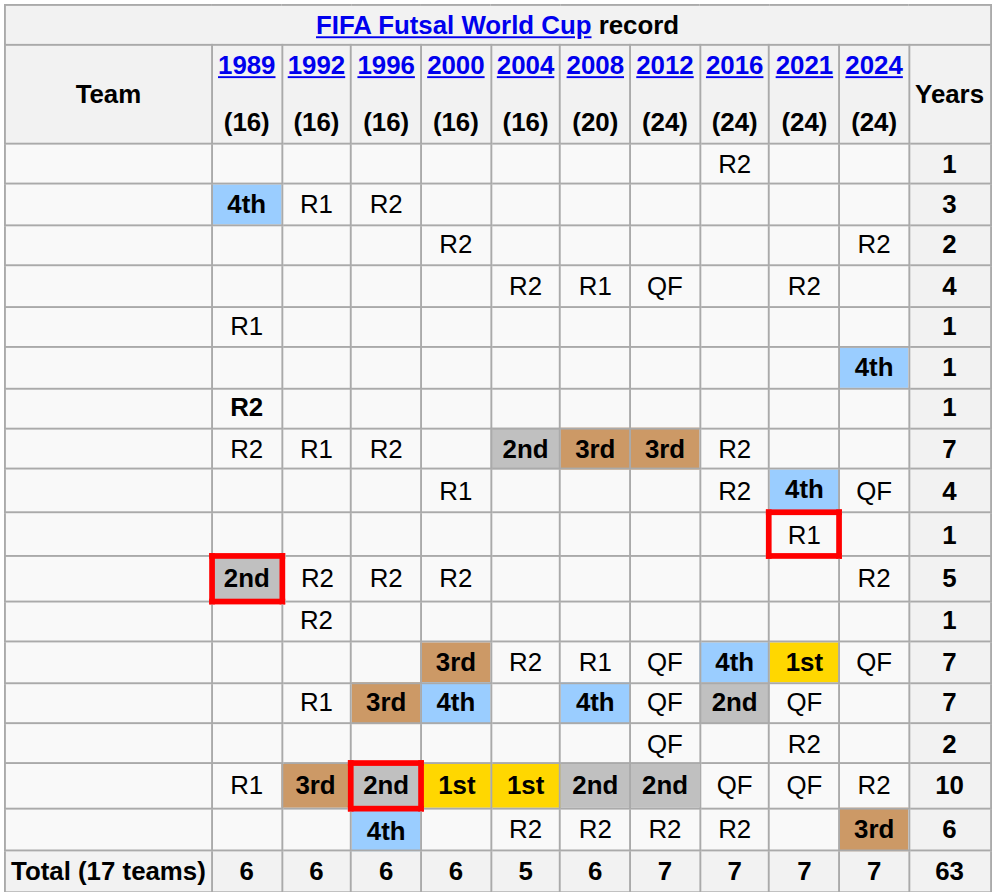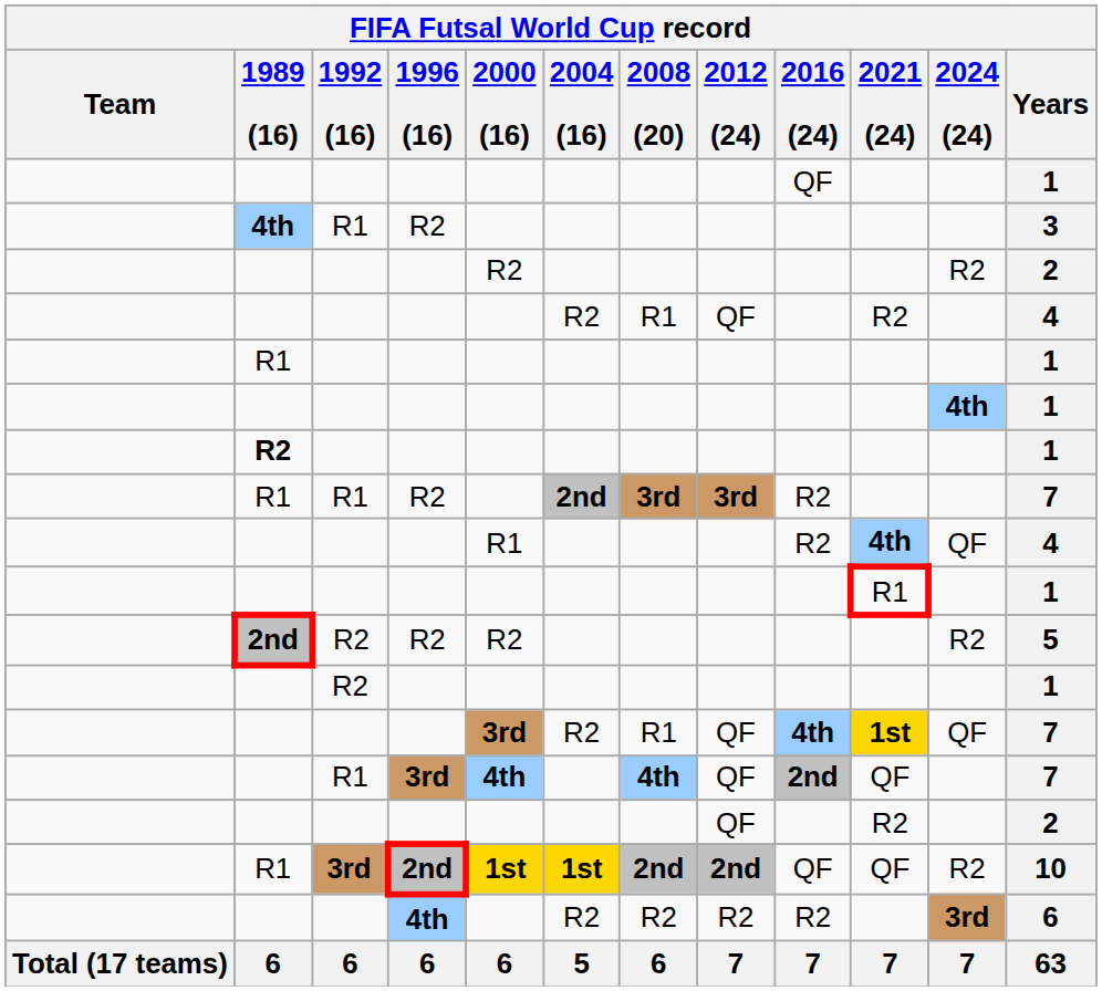 <table class="wikitable" style="text-align:center; font-size:85%;">
 <tr>
 <th colspan=12><a href='#'>FIFA Futsal World Cup</a> record</th>
 </tr>
 <tr>
 <th>Team</th>
 <th><a href='#'>1989</a><br><br>(16)</th>
 <th><a href='#'>1992</a><br><br>(16)</th>
 <th><a href='#'>1996</a><br><br>(16)</th>
 <th><a href='#'>2000</a><br><br>(16)</th>
 <th><a href='#'>2004</a><br><br>(16)</th>
 <th><a href='#'>2008</a><br><br>(20)</th>
 <th><a href='#'>2012</a><br><br>(24)</th>
 <th><a href='#'>2016</a><br><br>(24)</th>
 <th><a href='#'>2021</a><br><br>(24)</th>
 <th><a href='#'>2024</a><br><br>(24)</th>
 <th>Years</th>
 </tr>
 <tr>
 <td align=left></td>
 <td></td>
 <td></td>
 <td></td>
 <td></td>
 <td></td>
 <td></td>
 <td></td>
-<td>R2</td>
+<td>QF</td>
 <td></td>
 <td></td>
 <th>1</th>
 </tr>
 <tr>
 <td align=left></td>
 <td bgcolor=9acdff><strong>4th</strong></td>
 <td>R1</td>
 <td>R2</td>
 <td></td>
 <td></td>
 <td></td>
 <td></td>
 <td></td>
 <td></td>
 <td></td>
 <th>3</th>
 </tr>
 <tr>
 <td align=left></td>
 <td></td>
 <td></td>
 <td></td>
 <td>R2</td>
 <td></td>
 <td></td>
 <td></td>
 <td></td>
 <td></td>
 <td>R2</td>
 <th>2</th>
 </tr>
 <tr>
 <td align=left></td>
 <td></td>
 <td></td>
 <td></td>
 <td></td>
 <td>R2</td>
 <td>R1</td>
 <td>QF</td>
 <td></td>
 <td>R2</td>
 <td></td>
 <th>4</th>
 </tr>
 <tr>
 <td align=left></td>
 <td>R1</td>
 <td></td>
 <td></td>
 <td></td>
 <td></td>
 <td></td>
 <td></td>
 <td></td>
 <td></td>
 <td></td>
 <th>1</th>
 </tr>
 <tr>
 <td align=left></td>
 <td></td>
 <td></td>
 <td></td>
 <td></td>
 <td></td>
 <td></td>
 <td></td>
 <td></td>
 <td></td>
 <td bgcolor=9acdff><strong>4th</strong></td>
 <th>1</th>
 </tr>
 <tr>
 <td align=left></td>
 <td><strong>R2</strong></td>
 <td></td>
 <td></td>
 <td></td>
 <td></td>
 <td></td>
 <td></td>
 <td></td>
 <td></td>
 <td></td>
 <th>1</th>
 </tr>
 <tr>
 <td align=left></td>
-<td>R2</td>
+<td>R1</td>
 <td>R1</td>
 <td>R2</td>
 <td></td>
 <td bgcolor=silver><strong>2nd</strong></td>
 <td bgcolor=cc9966><strong>3rd</strong></td>
 <td bgcolor=cc9966><strong>3rd</strong></td>
 <td>R2</td>
 <td></td>
 <td></td>
 <th>7</th>
 </tr>
 <tr>
 <td align=left></td>
 <td></td>
 <td></td>
 <td></td>
 <td>R1</td>
 <td></td>
 <td></td>
 <td></td>
 <td>R2</td>
 <td bgcolor=9acdff><strong>4th</strong></td>
 <td>QF</td>
 <th>4</th>
 </tr>
 <tr>
 <td align=left></td>
 <td></td>
 <td></td>
 <td></td>
 <td></td>
 <td></td>
 <td></td>
 <td></td>
 <td></td>
 <td style="border:3px solid red">R1</td>
 <td></td>
 <th>1</th>
 </tr>
 <tr>
 <td align=left></td>
 <td bgcolor=silver style="border:3px solid red"><strong>2nd</strong></td>
 <td>R2</td>
 <td>R2</td>
 <td>R2</td>
 <td></td>
 <td></td>
 <td></td>
 <td></td>
 <td></td>
 <td>R2</td>
 <th>5</th>
 </tr>
 <tr>
 <td align=left></td>
 <td></td>
 <td>R2</td>
 <td></td>
 <td></td>
 <td></td>
 <td></td>
 <td></td>
 <td></td>
 <td></td>
 <td></td>
 <th>1</th>
 </tr>
 <tr>
 <td align=left></td>
 <td></td>
 <td></td>
 <td></td>
 <td bgcolor=cc9966><strong>3rd</strong></td>
 <td>R2</td>
 <td>R1</td>
 <td>QF</td>
 <td bgcolor=9acdff><strong>4th</strong></td>
 <td bgcolor=gold><strong>1st</strong></td>
 <td>QF</td>
 <th>7</th>
 </tr>
 <tr>
 <td align=left></td>
 <td></td>
 <td>R1</td>
 <td bgcolor=cc9966><strong>3rd</strong></td>
 <td bgcolor=9acdff><strong>4th</strong></td>
 <td></td>
 <td bgcolor=9acdff><strong>4th</strong></td>
 <td>QF</td>
 <td bgcolor=silver><strong>2nd</strong></td>
 <td>QF</td>
 <td></td>
 <th>7</th>
 </tr>
 <tr>
 <td align=left></td>
 <td></td>
 <td></td>
 <td></td>
 <td></td>
 <td></td>
 <td></td>
 <td>QF</td>
 <td></td>
 <td>R2</td>
 <td></td>
 <th>2</th>
 </tr>
 <tr>
 <td align=left></td>
 <td>R1</td>
 <td bgcolor=cc9966><strong>3rd</strong></td>
 <td bgcolor=silver style="border:3px solid red"><strong>2nd</strong></td>
 <td bgcolor=gold><strong>1st</strong></td>
 <td bgcolor=gold><strong>1st</strong></td>
 <td bgcolor=silver><strong>2nd</strong></td>
 <td bgcolor=silver><strong>2nd</strong></td>
 <td>QF</td>
 <td>QF</td>
 <td>R2</td>
 <th>10</th>
 </tr>
 <tr>
 <td align=left></td>
 <td></td>
 <td></td>
 <td bgcolor=9acdff><strong>4th</strong></td>
 <td></td>
 <td>R2</td>
 <td>R2</td>
 <td>R2</td>
 <td>R2</td>
 <td></td>
 <td bgcolor=cc9966><strong>3rd</strong></td>
 <th>6</th>
 </tr>
 <tr>
 <th align=left>Total (17 teams)</th>
 <th>6</th>
 <th>6</th>
 <th>6</th>
 <th>6</th>
 <th>5</th>
 <th>6</th>
 <th>7</th>
 <th>7</th>
 <th>7</th>
 <th>7</th>
 <th>63</th>
 </tr>
 </table>
